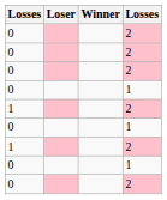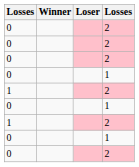 <table class=wikitable>
 <tr>
 <th>Losses</th>
+<th>Winner</th>
 <th>Loser</th>
-<th>Winner</th>
 <th>Losses</th>
 </tr>
 <tr>
 <td>0</td>
+<td></td>
 <td bgcolor=pink></td>
-<td></td>
 <td bgcolor=pink>2</td>
 </tr>
 <tr>
 <td>0</td>
+<td></td>
 <td bgcolor=pink></td>
-<td></td>
 <td bgcolor=pink>2</td>
 </tr>
 <tr>
 <td>0</td>
+<td></td>
 <td bgcolor=pink></td>
-<td></td>
 <td bgcolor=pink>2</td>
 </tr>
 <tr>
 <td>0</td>
 <td></td>
 <td></td>
 <td>1</td>
 </tr>
 <tr>
 <td>1</td>
+<td></td>
 <td bgcolor=pink></td>
-<td></td>
 <td bgcolor=pink>2</td>
 </tr>
 <tr>
 <td>0</td>
 <td></td>
 <td></td>
 <td>1</td>
 </tr>
 <tr>
 <td>1</td>
+<td></td>
 <td bgcolor=pink></td>
-<td></td>
 <td bgcolor=pink>2</td>
 </tr>
 <tr>
 <td>0</td>
 <td></td>
 <td></td>
 <td>1</td>
 </tr>
 <tr>
 <td>0</td>
+<td></td>
 <td bgcolor=pink></td>
-<td></td>
 <td bgcolor=pink>2</td>
 </tr>
 </table>
